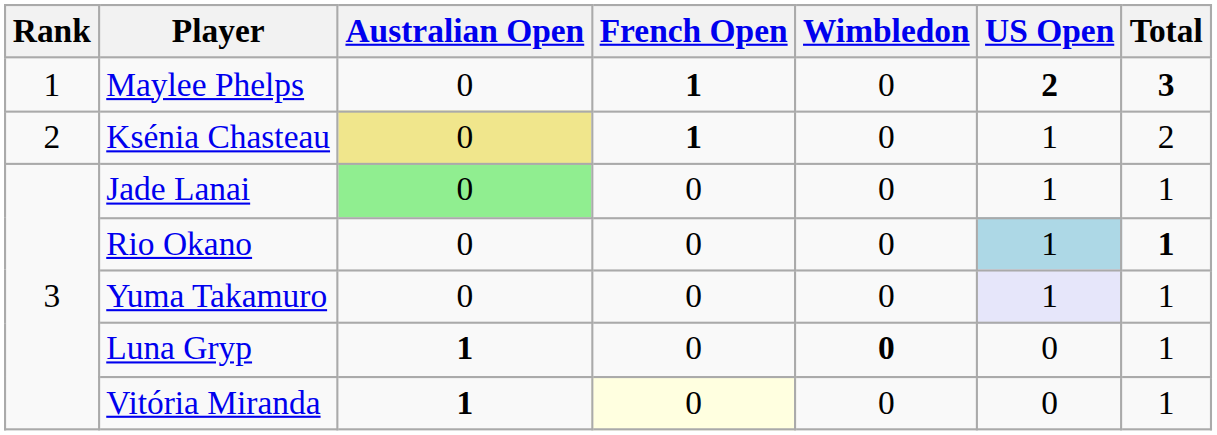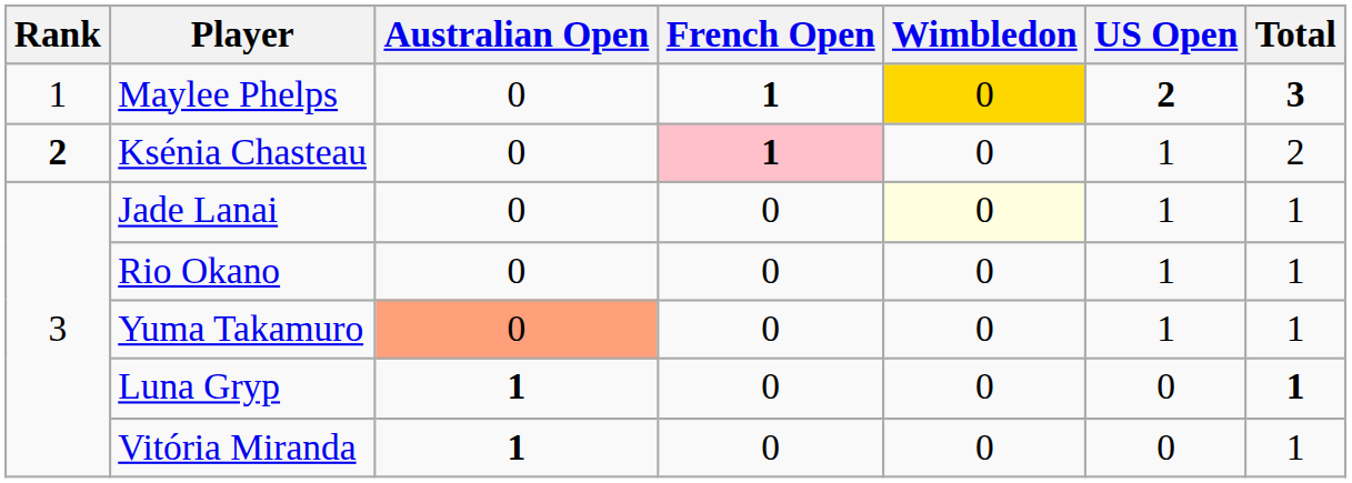 <table class="wikitable sortable" style="text-align:center">
 <tr>
 <th align="center">Rank</th>
 <th align="center">Player</th>
 <th align="center"><a href='#'>Australian Open</a></th>
 <th align="center"><a href='#'>French Open</a></th>
 <th align="center"><a href='#'>Wimbledon</a></th>
 <th align="center"><a href='#'>US Open</a></th>
 <th align="center">Total</th>
 </tr>
 <tr>
 <td>1</td>
 <td style="text-align:left;" data-sort-value=""> <a href='#'>Maylee Phelps</a></td>
 <td>0</td>
 <td><strong>1</strong></td>
-<td>0</td>
+<td style="background: gold;">0</td>
 <td><strong>2</strong></td>
 <td><strong>3</strong></td>
 </tr>
 <tr>
-<td>2</td>
+<td><strong>2</strong></td>
 <td style="text-align:left;" data-sort-value=""> <a href='#'>Ksénia Chasteau</a></td>
-<td style="background: khaki;">0</td>
-<td><strong>1</strong></td>
+<td>0</td>
+<td style="background: pink;"><strong>1</strong></td>
 <td>0</td>
 <td>1</td>
 <td>2</td>
 </tr>
 <tr>
 <td rowspan="5">3</td>
 <td style="text-align:left;" data-sort-value=""> <a href='#'>Jade Lanai</a></td>
-<td style="background: lightgreen;">0</td>
 <td>0</td>
 <td>0</td>
+<td style="background: lightyellow;">0</td>
 <td>1</td>
 <td>1</td>
 </tr>
 <tr>
 <td style="text-align:left;" data-sort-value=""> <a href='#'>Rio Okano</a></td>
 <td>0</td>
 <td>0</td>
 <td>0</td>
-<td style="background: lightblue;">1</td>
-<td><strong>1</strong></td>
+<td>1</td>
+<td>1</td>
 </tr>
 <tr>
 <td style="text-align:left;" data-sort-value=""> <a href='#'>Yuma Takamuro</a></td>
+<td style="background: lightsalmon;">0</td>
 <td>0</td>
 <td>0</td>
-<td>0</td>
-<td style="background: lavender;">1</td>
+<td>1</td>
 <td>1</td>
 </tr>
 <tr>
 <td style="text-align:left;" data-sort-value=""> <a href='#'>Luna Gryp</a></td>
 <td><strong>1</strong></td>
 <td>0</td>
-<td><strong>0</strong></td>
 <td>0</td>
-<td>1</td>
+<td>0</td>
+<td><strong>1</strong></td>
 </tr>
 <tr>
 <td style="text-align:left;" data-sort-value=""> <a href='#'>Vitória Miranda</a></td>
 <td><strong>1</strong></td>
-<td style="background: lightyellow;">0</td>
+<td>0</td>
 <td>0</td>
 <td>0</td>
 <td>1</td>
 </tr>
 </table>
